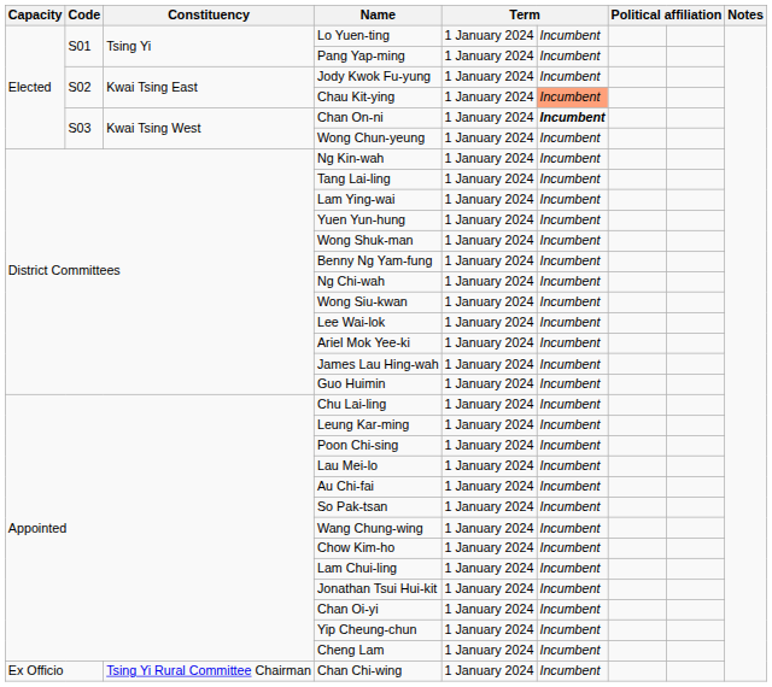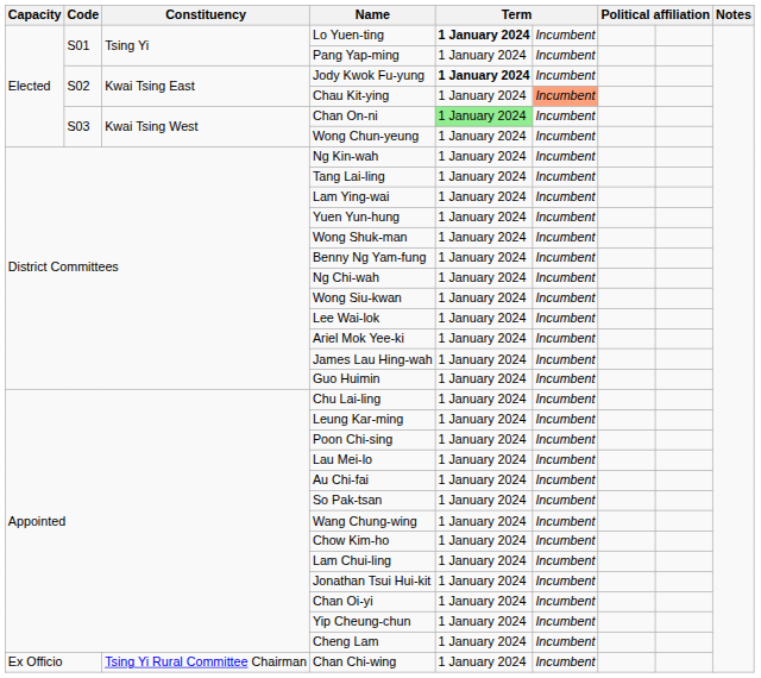 <table class="wikitable sortable" border=1>
 <tr>
 <th>Capacity</th>
 <th>Code</th>
 <th>Constituency</th>
 <th>Name</th>
 <th colspan="2">Term</th>
 <th colspan="2">Political affiliation</th>
 <th class=unsortable>Notes</th>
 </tr>
 <tr>
 <td rowspan="6">Elected</td>
 <td rowspan="2">S01</td>
 <td rowspan="2">Tsing Yi</td>
 <td>Lo Yuen-ting</td>
-<td>1 January 2024</td>
+<td><strong>1 January 2024</strong></td>
 <td><em>Incumbent</em></td>
 <td></td>
 <td></td>
 </tr>
 <tr>
 <td>Pang Yap-ming</td>
 <td>1 January 2024</td>
 <td><em>Incumbent</em></td>
 <td></td>
 <td></td>
 </tr>
 <tr>
 <td rowspan="2">S02</td>
 <td rowspan="2">Kwai Tsing East</td>
 <td>Jody Kwok Fu-yung</td>
-<td>1 January 2024</td>
+<td><strong>1 January 2024</strong></td>
 <td><em>Incumbent</em></td>
 <td></td>
 <td></td>
 </tr>
 <tr>
 <td>Chau Kit-ying</td>
 <td>1 January 2024</td>
 <td style="background: lightsalmon;"><em>Incumbent</em></td>
 <td></td>
 <td></td>
 </tr>
 <tr>
 <td rowspan="2">S03</td>
 <td rowspan="2">Kwai Tsing West</td>
 <td>Chan On-ni</td>
-<td>1 January 2024</td>
-<td><strong><em>Incumbent</em></strong></td>
+<td style="background: lightgreen;">1 January 2024</td>
+<td><em>Incumbent</em></td>
 <td></td>
 <td></td>
 </tr>
 <tr>
 <td>Wong Chun-yeung</td>
 <td>1 January 2024</td>
 <td><em>Incumbent</em></td>
 <td></td>
 <td></td>
 </tr>
 <tr>
 <td colspan="3" rowspan="12">District Committees</td>
 <td>Ng Kin-wah</td>
 <td>1 January 2024</td>
 <td><em>Incumbent</em></td>
 <td></td>
 <td></td>
 </tr>
 <tr>
 <td>Tang Lai-ling</td>
 <td>1 January 2024</td>
 <td><em>Incumbent</em></td>
 <td></td>
 <td></td>
 </tr>
 <tr>
 <td>Lam Ying-wai</td>
 <td>1 January 2024</td>
 <td><em>Incumbent</em></td>
 <td></td>
 <td></td>
 </tr>
 <tr>
 <td>Yuen Yun-hung</td>
 <td>1 January 2024</td>
 <td><em>Incumbent</em></td>
 <td></td>
 <td></td>
 </tr>
 <tr>
 <td>Wong Shuk-man</td>
 <td>1 January 2024</td>
 <td><em>Incumbent</em></td>
 <td></td>
 <td></td>
 </tr>
 <tr>
 <td>Benny Ng Yam-fung</td>
 <td>1 January 2024</td>
 <td><em>Incumbent</em></td>
 <td></td>
 <td></td>
 </tr>
 <tr>
 <td>Ng Chi-wah</td>
 <td>1 January 2024</td>
 <td><em>Incumbent</em></td>
 <td></td>
 <td></td>
 </tr>
 <tr>
 <td>Wong Siu-kwan</td>
 <td>1 January 2024</td>
 <td><em>Incumbent</em></td>
 <td></td>
 <td></td>
 </tr>
 <tr>
 <td>Lee Wai-lok</td>
 <td>1 January 2024</td>
 <td><em>Incumbent</em></td>
 <td></td>
 <td></td>
 </tr>
 <tr>
 <td>Ariel Mok Yee-ki</td>
 <td>1 January 2024</td>
 <td><em>Incumbent</em></td>
 <td></td>
 <td></td>
 </tr>
 <tr>
 <td>James Lau Hing-wah</td>
 <td>1 January 2024</td>
 <td><em>Incumbent</em></td>
 <td></td>
 <td></td>
 </tr>
 <tr>
 <td>Guo Huimin</td>
 <td>1 January 2024</td>
 <td><em>Incumbent</em></td>
 <td></td>
 <td></td>
 </tr>
 <tr>
 <td colspan="3" rowspan="13">Appointed</td>
 <td>Chu Lai-ling</td>
 <td>1 January 2024</td>
 <td><em>Incumbent</em></td>
 <td></td>
 <td></td>
 </tr>
 <tr>
 <td>Leung Kar-ming</td>
 <td>1 January 2024</td>
 <td><em>Incumbent</em></td>
 <td></td>
 <td></td>
 </tr>
 <tr>
 <td>Poon Chi-sing</td>
 <td>1 January 2024</td>
 <td><em>Incumbent</em></td>
 <td></td>
 <td></td>
 </tr>
 <tr>
 <td>Lau Mei-lo</td>
 <td>1 January 2024</td>
 <td><em>Incumbent</em></td>
 <td></td>
 <td></td>
 </tr>
 <tr>
 <td>Au Chi-fai</td>
 <td>1 January 2024</td>
 <td><em>Incumbent</em></td>
 <td></td>
 <td></td>
 </tr>
 <tr>
 <td>So Pak-tsan</td>
 <td>1 January 2024</td>
 <td><em>Incumbent</em></td>
 <td></td>
 <td></td>
 </tr>
 <tr>
 <td>Wang Chung-wing</td>
 <td>1 January 2024</td>
 <td><em>Incumbent</em></td>
 <td></td>
 <td></td>
 </tr>
 <tr>
 <td>Chow Kim-ho</td>
 <td>1 January 2024</td>
 <td><em>Incumbent</em></td>
 <td></td>
 <td></td>
 </tr>
 <tr>
 <td>Lam Chui-ling</td>
 <td>1 January 2024</td>
 <td><em>Incumbent</em></td>
 <td></td>
 <td></td>
 </tr>
 <tr>
 <td>Jonathan Tsui Hui-kit</td>
 <td>1 January 2024</td>
 <td><em>Incumbent</em></td>
 <td></td>
 <td></td>
 </tr>
 <tr>
 <td>Chan Oi-yi</td>
 <td>1 January 2024</td>
 <td><em>Incumbent</em></td>
 <td></td>
 <td></td>
 </tr>
 <tr>
 <td>Yip Cheung-chun</td>
 <td>1 January 2024</td>
 <td><em>Incumbent</em></td>
 <td></td>
 <td></td>
 </tr>
 <tr>
 <td>Cheng Lam</td>
 <td>1 January 2024</td>
 <td><em>Incumbent</em></td>
 <td></td>
 <td></td>
 </tr>
 <tr>
 <td colspan="2">Ex Officio</td>
 <td><a href='#'>Tsing Yi Rural Committee</a> Chairman</td>
 <td>Chan Chi-wing</td>
 <td>1 January 2024</td>
 <td><em>Incumbent</em></td>
 <td></td>
 <td></td>
 </tr>
 </table>
